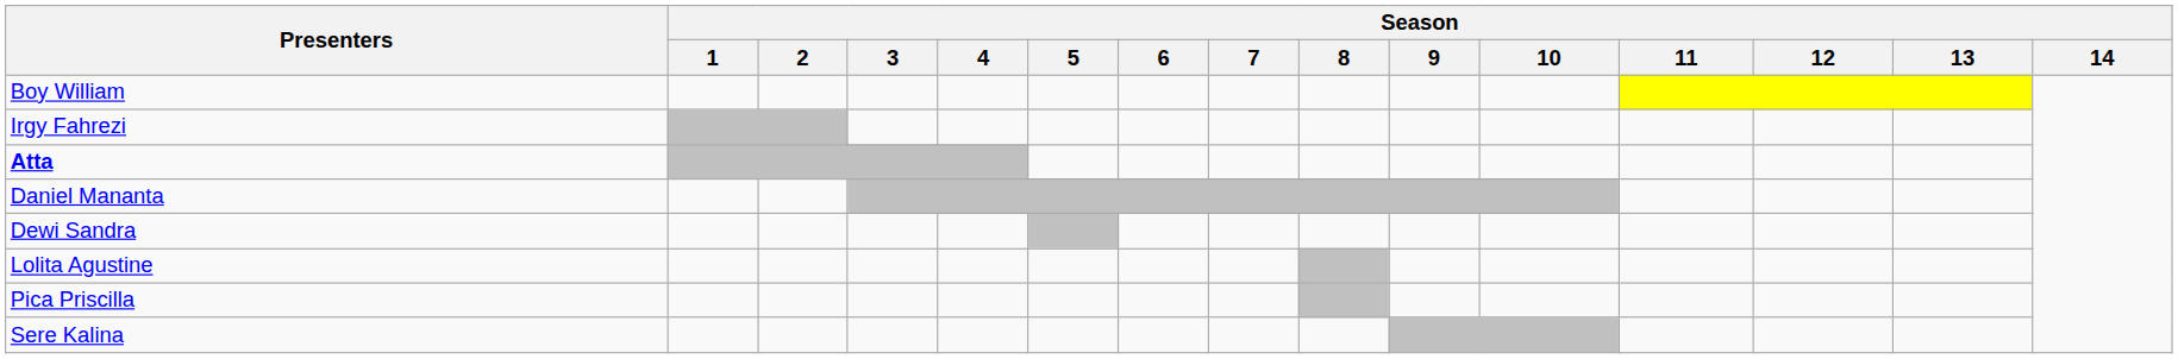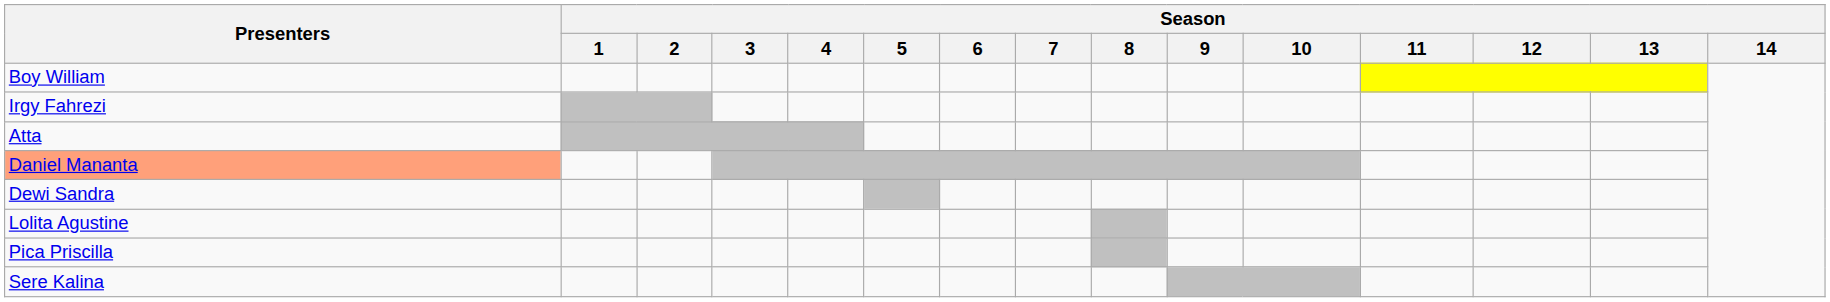 <table class="wikitable"; width="100%">
 <tr>
 <th rowspan="2">Presenters</th>
 <th colspan="14">Season</th>
 </tr>
 <tr>
 <th>1</th>
 <th>2</th>
 <th>3</th>
 <th>4</th>
 <th>5</th>
 <th>6</th>
 <th>7</th>
 <th>8</th>
 <th>9</th>
 <th>10</th>
 <th>11</th>
 <th>12</th>
 <th>13</th>
 <th>14</th>
 </tr>
 <tr>
 <td><a href='#'>Boy William</a></td>
 <td></td>
 <td></td>
 <td></td>
 <td></td>
 <td></td>
 <td></td>
 <td></td>
 <td></td>
 <td></td>
 <td></td>
 <td colspan="3" style="text-align:center; background:yellow;"></td>
 </tr>
 <tr>
 <td><a href='#'>Irgy Fahrezi</a></td>
 <td colspan="2" style="text-align:center; background:silver;"></td>
 <td></td>
 <td></td>
 <td></td>
 <td></td>
 <td></td>
 <td></td>
 <td></td>
 <td></td>
 <td></td>
 <td></td>
 <td></td>
 </tr>
 <tr>
-<td><strong><a href='#'>Atta</a></strong></td>
+<td><a href='#'>Atta</a></td>
 <td colspan="4" style="text-align:center; background:silver;"></td>
 <td></td>
 <td></td>
 <td></td>
 <td></td>
 <td></td>
 <td></td>
 <td></td>
 <td></td>
 <td></td>
 </tr>
 <tr>
-<td><a href='#'>Daniel Mananta</a></td>
+<td style="background: lightsalmon;"><a href='#'>Daniel Mananta</a></td>
 <td></td>
 <td></td>
 <td colspan="8" style="text-align:center; background:silver;"></td>
 <td></td>
 <td></td>
 <td></td>
 </tr>
 <tr>
 <td><a href='#'>Dewi Sandra</a></td>
 <td></td>
 <td></td>
 <td></td>
 <td></td>
 <td style="text-align:center; background:silver;"></td>
 <td></td>
 <td></td>
 <td></td>
 <td></td>
 <td></td>
 <td></td>
 <td></td>
 <td></td>
 </tr>
 <tr>
 <td><a href='#'>Lolita Agustine</a></td>
 <td></td>
 <td></td>
 <td></td>
 <td></td>
 <td></td>
 <td></td>
 <td></td>
 <td style="text-align:center; background:silver;"></td>
 <td></td>
 <td></td>
 <td></td>
 <td></td>
 <td></td>
 </tr>
 <tr>
 <td><a href='#'>Pica Priscilla</a></td>
 <td></td>
 <td></td>
 <td></td>
 <td></td>
 <td></td>
 <td></td>
 <td></td>
 <td style="text-align:center; background:silver;"></td>
 <td></td>
 <td></td>
 <td></td>
 <td></td>
 <td></td>
 </tr>
 <tr>
 <td><a href='#'>Sere Kalina</a></td>
 <td></td>
 <td></td>
 <td></td>
 <td></td>
 <td></td>
 <td></td>
 <td></td>
 <td></td>
 <td colspan="2" style="text-align:center; background:silver;"></td>
 <td></td>
 <td></td>
 <td></td>
 </tr>
 </table>
